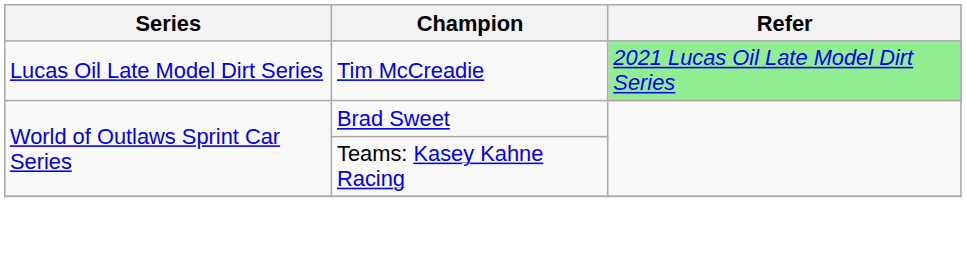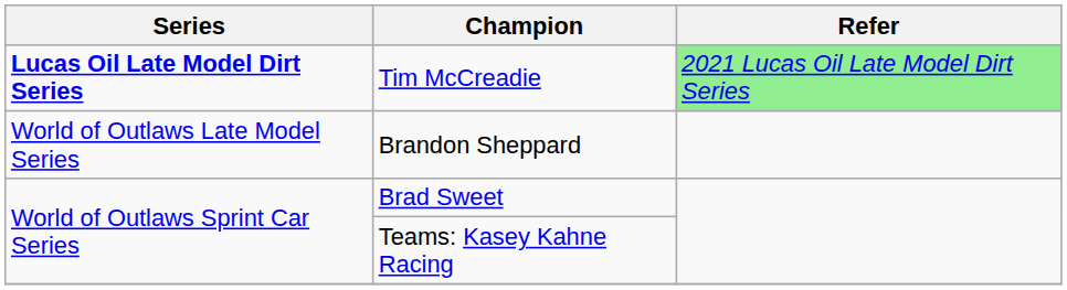 <table class="wikitable" style="font-size:87%;">
 <tr>
 <th>Series</th>
 <th>Champion</th>
 <th>Refer</th>
 </tr>
 <tr>
-<td><a href='#'>Lucas Oil Late Model Dirt Series</a></td>
+<td><strong><a href='#'>Lucas Oil Late Model Dirt Series</a></strong></td>
 <td> <a href='#'>Tim McCreadie</a></td>
 <td style="background: lightgreen;"><em><a href='#'>2021 Lucas Oil Late Model Dirt Series</a></em></td>
+</tr>
+<tr>
+<td><a href='#'>World of Outlaws Late Model Series</a></td>
+<td> Brandon Sheppard</td>
+<td></td>
 </tr>
 <tr>
 <td rowspan=2><a href='#'>World of Outlaws Sprint Car Series</a></td>
 <td> <a href='#'>Brad Sweet</a></td>
 <td rowspan=2></td>
 </tr>
 <tr>
 <td>Teams:  <a href='#'>Kasey Kahne Racing</a></td>
 </tr>
 <tr>
 </tr>
 </table>
